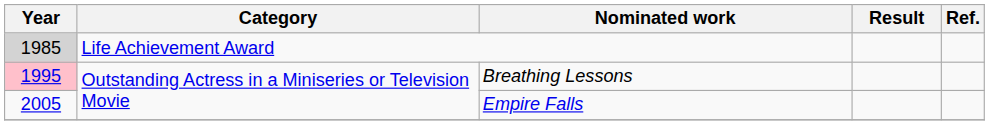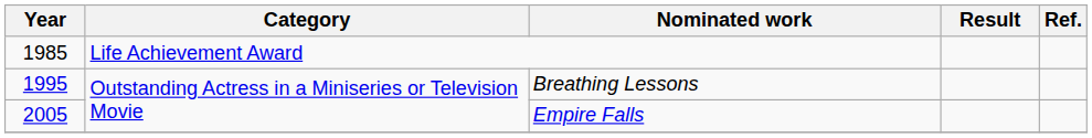 <table class=wikitable>
 <tr>
 <th scope="col" style="width:4em;">Year</th>
 <th scope="col" style="width:27em;">Category</th>
 <th scope="col" style="width:25em;">Nominated work</th>
 <th scope="col" style="width:5em;">Result</th>
 <th>Ref.</th>
 </tr>
 <tr>
-<td style="background: lightgrey; text-align:center;">1985</td>
+<td style="text-align:center;">1985</td>
 <td colspan=2><a href='#'>Life Achievement Award</a></td>
 <td></td>
 <td style="text-align:center;"></td>
 </tr>
 <tr>
-<td style="background: pink; text-align:center;"><a href='#'>1995</a></td>
+<td style="text-align:center;"><a href='#'>1995</a></td>
 <td rowspan=2><a href='#'>Outstanding Actress in a Miniseries or Television Movie</a></td>
 <td><em>Breathing Lessons</em></td>
 <td></td>
 <td style="text-align:center;"></td>
 </tr>
 <tr>
 <td style="text-align:center;"><a href='#'>2005</a></td>
 <td><em><a href='#'>Empire Falls</a></em></td>
 <td></td>
 <td style="text-align:center;"></td>
 </tr>
 <tr>
 </tr>
 </table>
